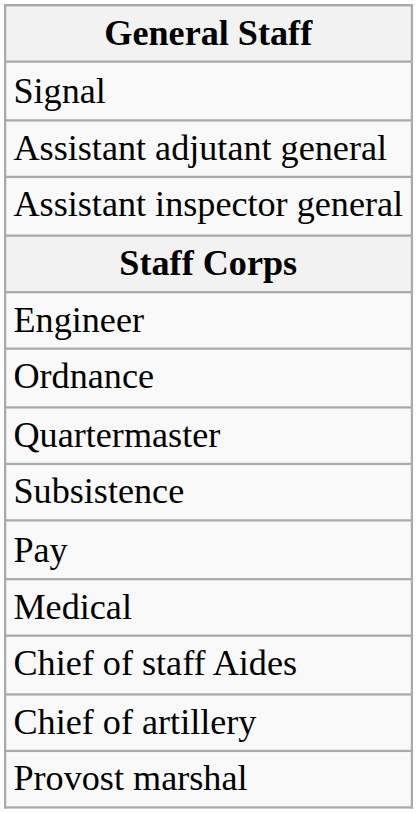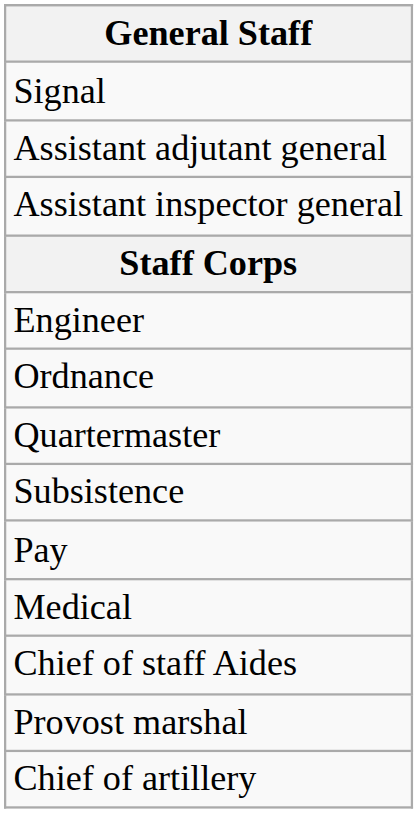 <table class="wikitable">
 <tr>
 </tr>
 <tr>
 <th bgcolor="b0b0b0">General Staff</th>
 </tr>
 <tr>
 <td>Signal</td>
 </tr>
 <tr>
 <td>Assistant adjutant general</td>
 </tr>
 <tr>
 <td>Assistant inspector general</td>
 </tr>
 <tr>
 <th bgcolor="b0b0b0">Staff Corps</th>
 </tr>
 <tr>
 <td>Engineer</td>
 </tr>
 <tr>
 <td>Ordnance</td>
 </tr>
 <tr>
 <td>Quartermaster</td>
 </tr>
 <tr>
 <td>Subsistence</td>
 </tr>
 <tr>
 <td>Pay</td>
 </tr>
 <tr>
 <td>Medical</td>
 </tr>
 <tr>
 <td>Chief of staff Aides</td>
 </tr>
 <tr>
+<td>Provost marshal</td>
+</tr>
+<tr>
 <td>Chief of artillery</td>
 </tr>
-<tr>
-<td>Provost marshal</td>
-</tr>
 </table>
